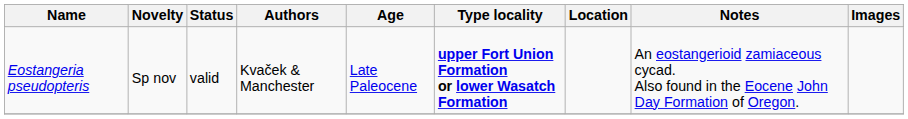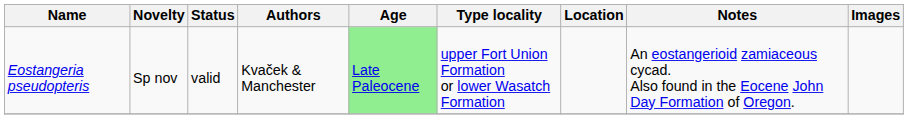 <table class="wikitable sortable" align="center" width="80%">
 <tr>
 <th>Name</th>
 <th>Novelty</th>
 <th>Status</th>
 <th>Authors</th>
 <th>Age</th>
 <th>Type locality</th>
 <th>Location</th>
 <th>Notes</th>
 <th>Images</th>
 </tr>
 <tr>
 <td><br><em><a href='#'>Eostangeria pseudopteris</a></em></td>
 <td><br>Sp nov</td>
 <td><br>valid</td>
 <td><br>Kvaček & Manchester</td>
-<td><br><a href='#'>Late Paleocene</a></td>
-<td><strong><br><a href='#'>upper Fort Union Formation</a><br> or <a href='#'>lower Wasatch Formation</a></strong></td>
+<td style="background: lightgreen;"><br><a href='#'>Late Paleocene</a></td>
+<td><br><a href='#'>upper Fort Union Formation</a><br> or <a href='#'>lower Wasatch Formation</a></td>
 <td><br><br></td>
 <td><br>An <a href='#'>eostangerioid</a> <a href='#'>zamiaceous</a> cycad.<br>Also found in the <a href='#'>Eocene</a> <a href='#'>John Day Formation</a> of <a href='#'>Oregon</a>.</td>
 <td></td>
 </tr>
 <tr>
 </tr>
 </table>
